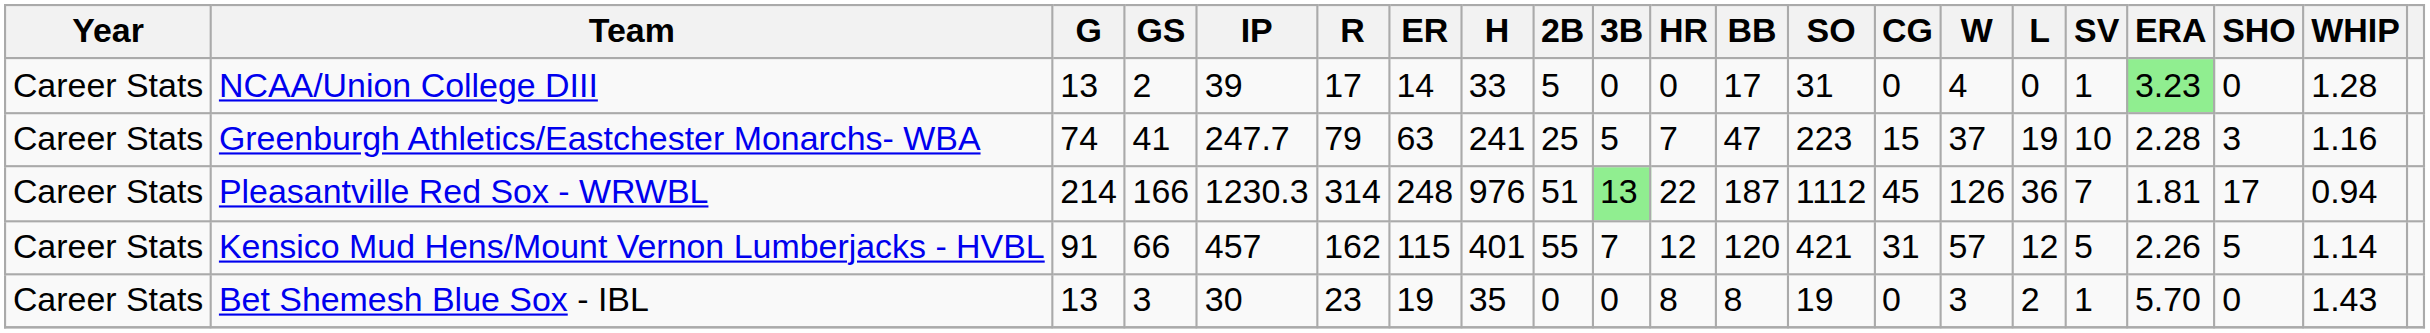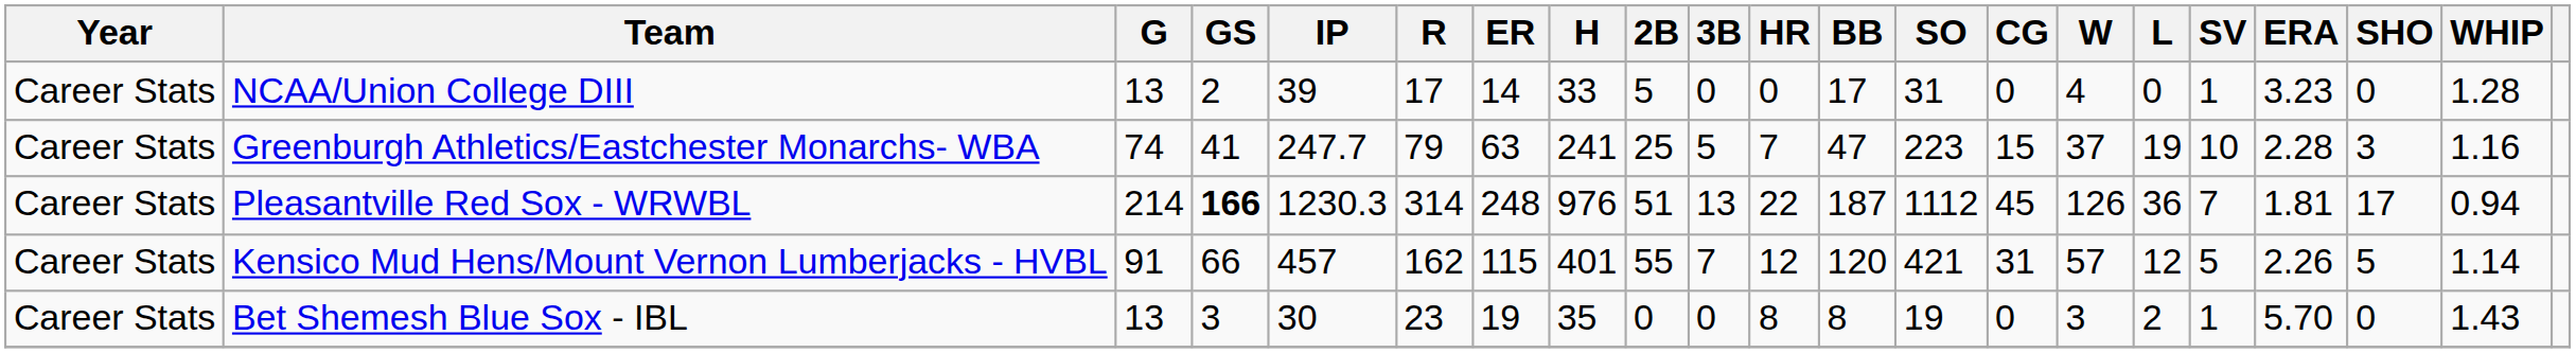 <table class="wikitable">
 <tr>
 <th>Year</th>
 <th>Team</th>
 <th>G</th>
 <th>GS</th>
 <th>IP</th>
 <th>R</th>
 <th>ER</th>
 <th>H</th>
 <th>2B</th>
 <th>3B</th>
 <th>HR</th>
 <th>BB</th>
 <th>SO</th>
 <th>CG</th>
 <th>W</th>
 <th>L</th>
 <th>SV</th>
 <th>ERA</th>
 <th>SHO</th>
 <th>WHIP</th>
 <th></th>
 </tr>
 <tr>
 <td>Career Stats</td>
 <td><a href='#'>NCAA/Union College DIII</a></td>
 <td>13</td>
 <td>2</td>
 <td>39</td>
 <td>17</td>
 <td>14</td>
 <td>33</td>
 <td>5</td>
 <td>0</td>
 <td>0</td>
 <td>17</td>
 <td>31</td>
 <td>0</td>
 <td>4</td>
 <td>0</td>
 <td>1</td>
-<td style="background: lightgreen;">3.23</td>
+<td>3.23</td>
 <td>0</td>
 <td>1.28</td>
 <td></td>
 </tr>
 <tr>
 <td>Career Stats</td>
 <td><a href='#'>Greenburgh Athletics/Eastchester Monarchs- WBA</a></td>
 <td>74</td>
 <td>41</td>
 <td>247.7</td>
 <td>79</td>
 <td>63</td>
 <td>241</td>
 <td>25</td>
 <td>5</td>
 <td>7</td>
 <td>47</td>
 <td>223</td>
 <td>15</td>
 <td>37</td>
 <td>19</td>
 <td>10</td>
 <td>2.28</td>
 <td>3</td>
 <td>1.16</td>
 <td></td>
 </tr>
 <tr>
 <td>Career Stats</td>
 <td><a href='#'>Pleasantville Red Sox - WRWBL</a></td>
 <td>214</td>
-<td>166</td>
+<td><strong>166</strong></td>
 <td>1230.3</td>
 <td>314</td>
 <td>248</td>
 <td>976</td>
 <td>51</td>
-<td style="background: lightgreen;">13</td>
+<td>13</td>
 <td>22</td>
 <td>187</td>
 <td>1112</td>
 <td>45</td>
 <td>126</td>
 <td>36</td>
 <td>7</td>
 <td>1.81</td>
 <td>17</td>
 <td>0.94</td>
 <td></td>
 </tr>
 <tr>
 <td>Career Stats</td>
 <td><a href='#'>Kensico Mud Hens/Mount Vernon Lumberjacks - HVBL</a></td>
 <td>91</td>
 <td>66</td>
 <td>457</td>
 <td>162</td>
 <td>115</td>
 <td>401</td>
 <td>55</td>
 <td>7</td>
 <td>12</td>
 <td>120</td>
 <td>421</td>
 <td>31</td>
 <td>57</td>
 <td>12</td>
 <td>5</td>
 <td>2.26</td>
 <td>5</td>
 <td>1.14</td>
 <td></td>
 </tr>
 <tr>
 <td>Career Stats</td>
 <td><a href='#'>Bet Shemesh Blue Sox</a> - IBL</td>
 <td>13</td>
 <td>3</td>
 <td>30</td>
 <td>23</td>
 <td>19</td>
 <td>35</td>
 <td>0</td>
 <td>0</td>
 <td>8</td>
 <td>8</td>
 <td>19</td>
 <td>0</td>
 <td>3</td>
 <td>2</td>
 <td>1</td>
 <td>5.70</td>
 <td>0</td>
 <td>1.43</td>
 <td></td>
 </tr>
 <tr>
 </tr>
 </table>
